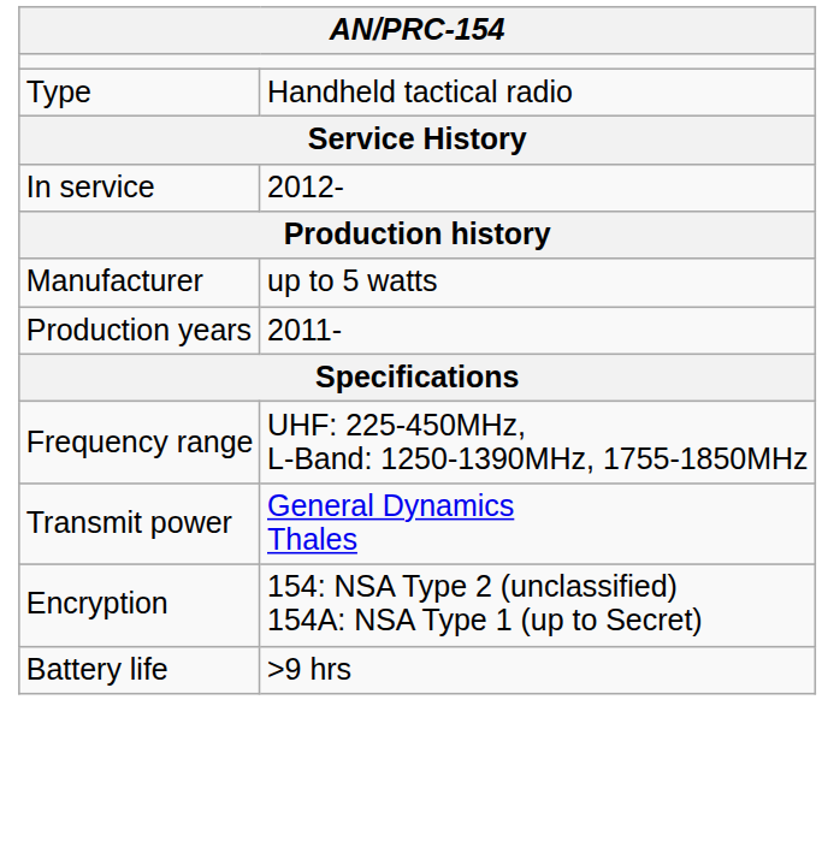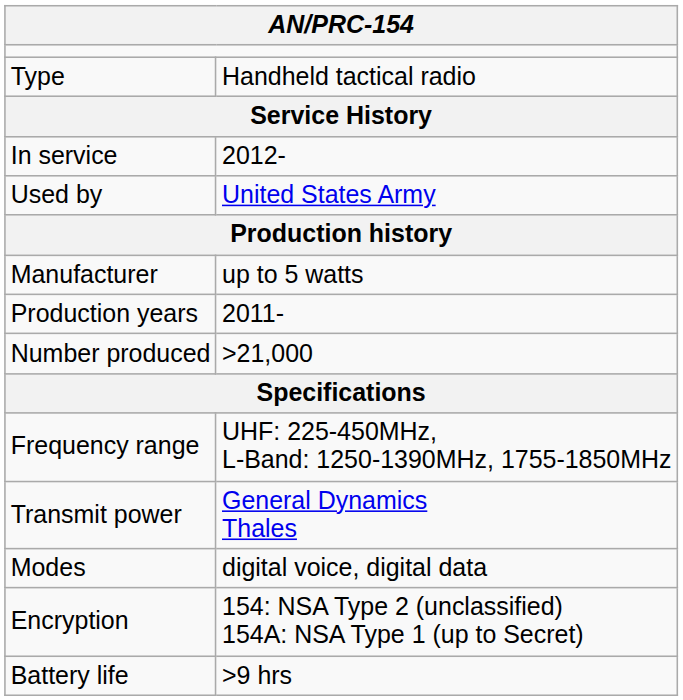 <table class="wikitable" align="right">
 <tr>
 <th colspan="2"><em>AN/PRC-154</em></th>
 </tr>
 <tr>
 <td colspan="2"></td>
 </tr>
 <tr>
 <td>Type</td>
 <td>Handheld tactical radio</td>
 </tr>
 <tr>
 <th colspan="2">Service History</th>
 </tr>
 <tr>
 <td>In service</td>
 <td>2012-</td>
 </tr>
 <tr>
+<td>Used by</td>
+<td><a href='#'>United States Army</a></td>
+</tr>
+<tr>
 <th colspan="2">Production history</th>
 </tr>
 <tr>
 <td>Manufacturer</td>
 <td>up to 5 watts</td>
 </tr>
 <tr>
 <td>Production years</td>
 <td>2011-</td>
+</tr>
+<tr>
+<td>Number produced</td>
+<td>>21,000</td>
 </tr>
 <tr>
 <th colspan="2">Specifications</th>
 </tr>
 <tr>
 <td>Frequency range</td>
 <td>UHF: 225-450MHz,<br>L-Band: 1250-1390MHz, 1755-1850MHz</td>
 </tr>
 <tr>
 <td>Transmit power</td>
 <td><a href='#'>General Dynamics</a><br><a href='#'>Thales</a></td>
 </tr>
 <tr>
+<td>Modes</td>
+<td>digital voice, digital data</td>
+</tr>
+<tr>
 <td>Encryption</td>
 <td>154: NSA Type 2 (unclassified)<br>154A: NSA Type 1 (up to Secret)</td>
 </tr>
 <tr>
 <td>Battery life</td>
 <td>>9 hrs</td>
 </tr>
 </table>
